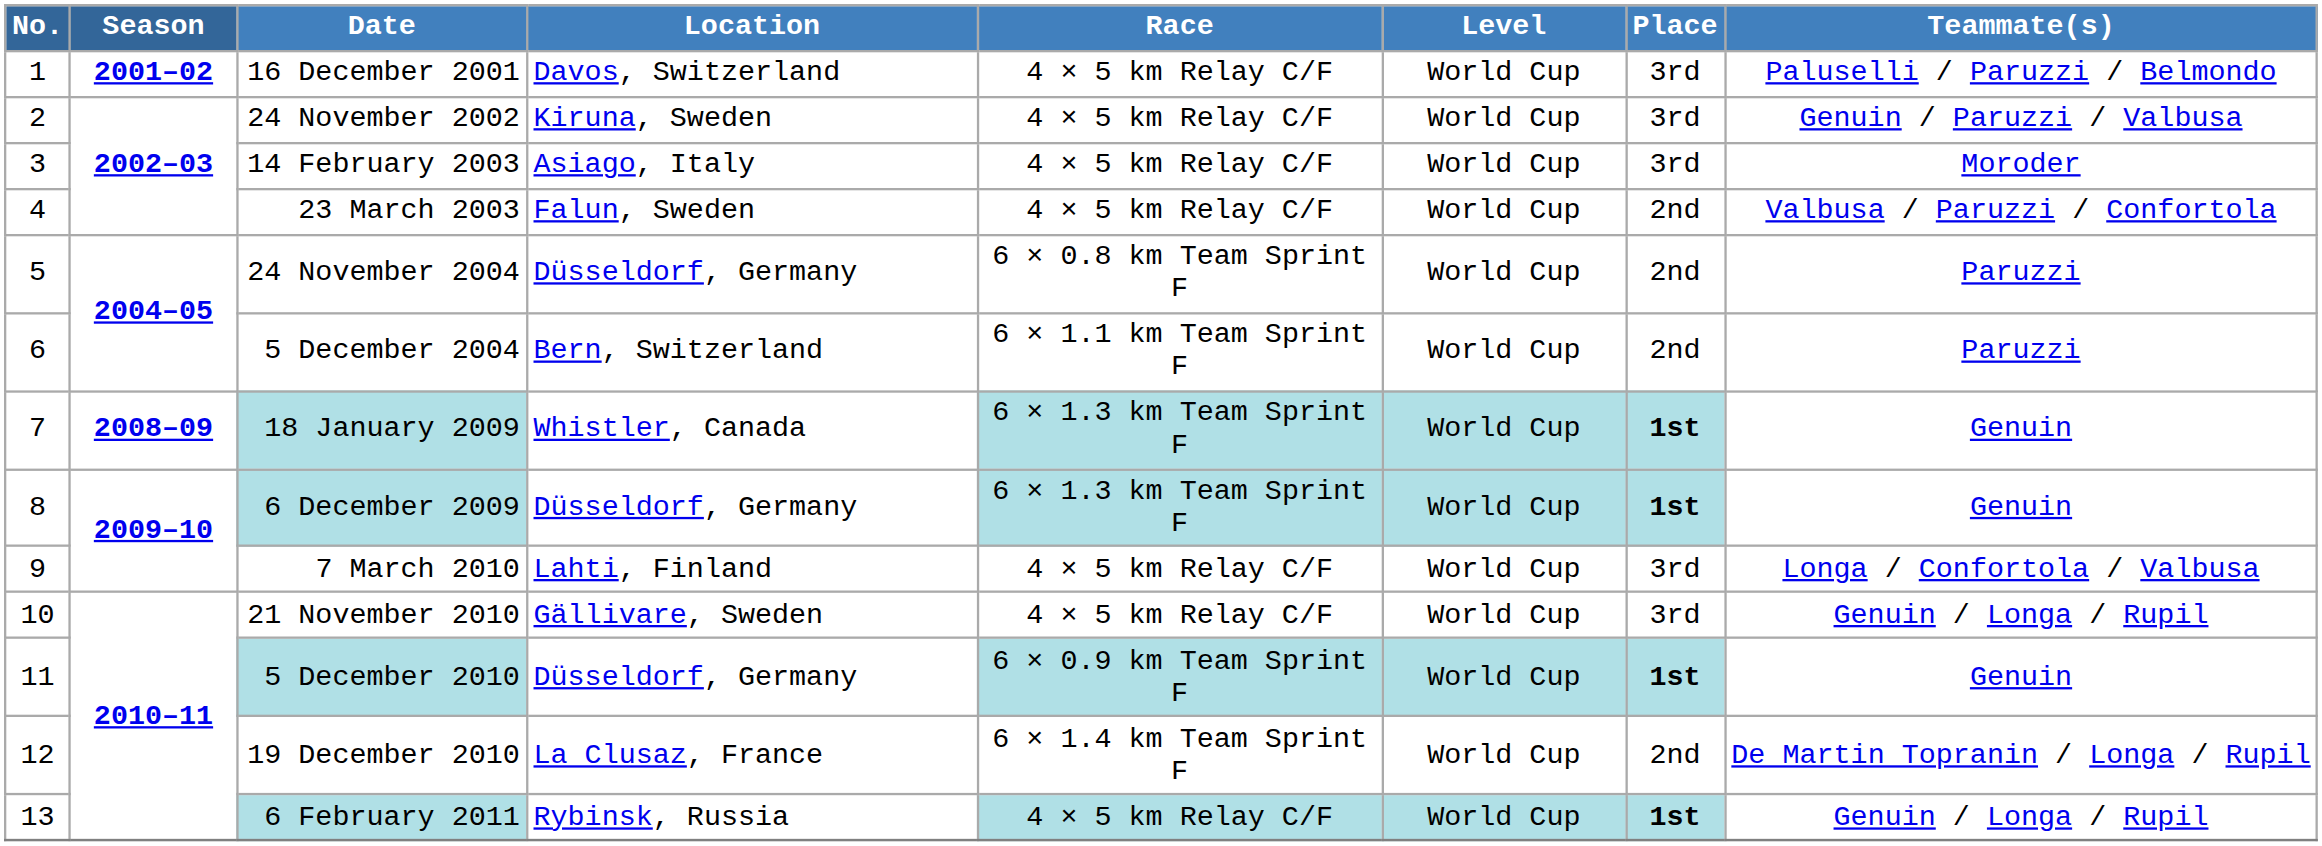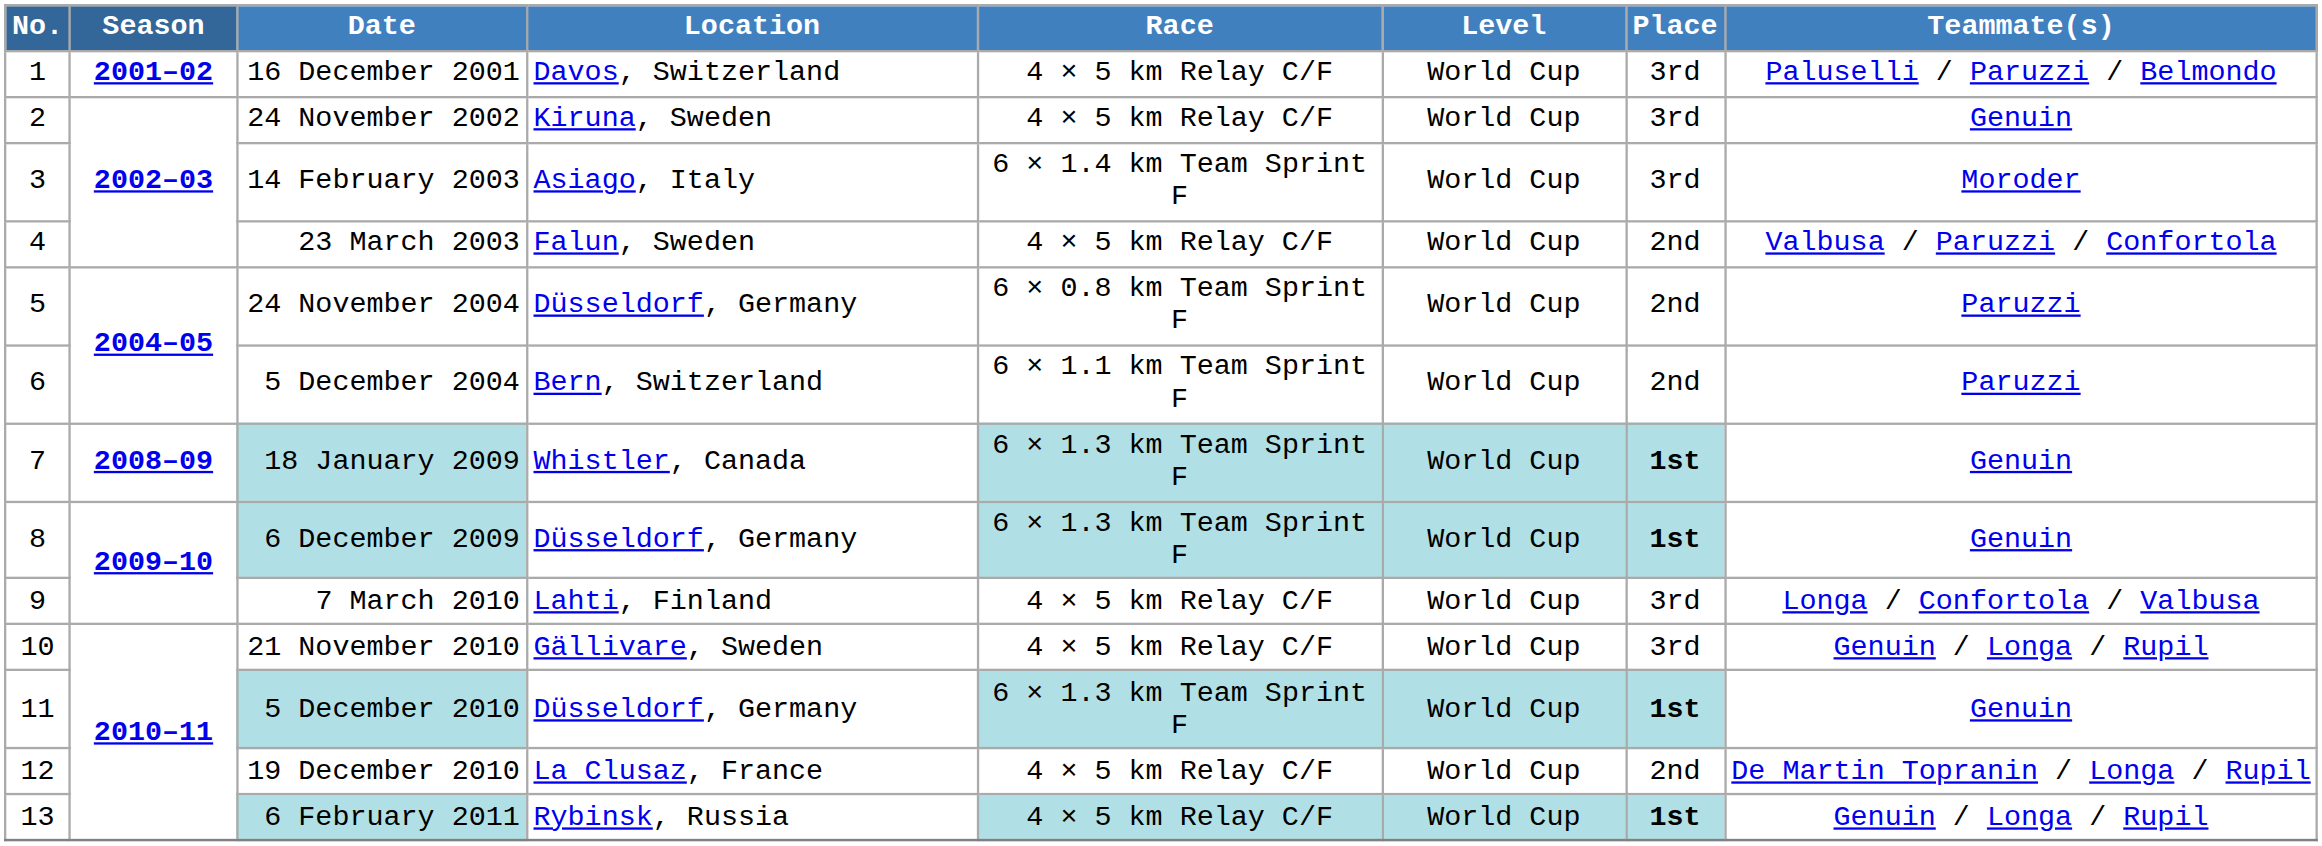 <table class="wikitable sortable" style="font-size:95%; text-align:center; border:grey solid 1px; border-collapse:collapse; background:#ffffff;">
 <tr style="background:#efefef;">
 <th style="background-color:#369; color:white;">No.</th>
 <th style="background-color:#369; color:white;">Season</th>
 <th style="background-color:#4180be; color:white; width:120px;">Date</th>
 <th style="background-color:#4180be; color:white; width:190px;">Location</th>
 <th style="background-color:#4180be; color:white; width:170px;">Race</th>
 <th style="background-color:#4180be; color:white; width:100px;">Level</th>
 <th style="background-color:#4180be; color:white;">Place</th>
 <th style="background-color:#4180be; color:white;">Teammate(s)</th>
 </tr>
 <tr>
 <td align=center>1</td>
 <td rowspan=1 align=center><strong> <a href='#'>2001–02</a> </strong></td>
 <td align=right>16 December 2001</td>
 <td align=left> <a href='#'>Davos</a>, Switzerland</td>
 <td>4 × 5 km Relay C/F</td>
 <td>World Cup</td>
 <td>3rd</td>
 <td><a href='#'>Paluselli</a> / <a href='#'>Paruzzi</a> / <a href='#'>Belmondo</a></td>
 </tr>
 <tr>
 <td align=center>2</td>
 <td rowspan=3 align=center><strong> <a href='#'>2002–03</a> </strong></td>
 <td align=right>24 November 2002</td>
 <td align=left> <a href='#'>Kiruna</a>, Sweden</td>
 <td>4 × 5 km Relay C/F</td>
 <td>World Cup</td>
 <td>3rd</td>
-<td><a href='#'>Genuin</a> / <a href='#'>Paruzzi</a> / <a href='#'>Valbusa</a></td>
+<td><a href='#'>Genuin</a></td>
 </tr>
 <tr>
 <td align=center>3</td>
 <td align=right>14 February 2003</td>
 <td align=left> <a href='#'>Asiago</a>, Italy</td>
-<td>4 × 5 km Relay C/F</td>
+<td>6 × 1.4 km Team Sprint F</td>
 <td>World Cup</td>
 <td>3rd</td>
 <td><a href='#'>Moroder</a></td>
 </tr>
 <tr>
 <td align=center>4</td>
 <td align=right>23 March 2003</td>
 <td align=left> <a href='#'>Falun</a>, Sweden</td>
 <td>4 × 5 km Relay C/F</td>
 <td>World Cup</td>
 <td>2nd</td>
 <td><a href='#'>Valbusa</a> / <a href='#'>Paruzzi</a> / <a href='#'>Confortola</a></td>
 </tr>
 <tr>
 <td align=center>5</td>
 <td rowspan=2 align=center><strong> <a href='#'>2004–05</a> </strong></td>
 <td align=right>24 November 2004</td>
 <td align=left> <a href='#'>Düsseldorf</a>, Germany</td>
 <td>6 × 0.8 km Team Sprint F</td>
 <td>World Cup</td>
 <td>2nd</td>
 <td><a href='#'>Paruzzi</a></td>
 </tr>
 <tr>
 <td align=center>6</td>
 <td align=right>5 December 2004</td>
 <td align=left> <a href='#'>Bern</a>, Switzerland</td>
 <td>6 × 1.1 km Team Sprint F</td>
 <td>World Cup</td>
 <td>2nd</td>
 <td><a href='#'>Paruzzi</a></td>
 </tr>
 <tr>
 <td align=center>7</td>
 <td rowspan=1 align=center><strong><a href='#'>2008–09</a></strong></td>
 <td bgcolor="#BOEOE6" align=right>18 January 2009</td>
 <td align=left> <a href='#'>Whistler</a>, Canada</td>
 <td bgcolor="#BOEOE6">6 × 1.3 km Team Sprint F</td>
 <td bgcolor="#BOEOE6">World Cup</td>
 <td bgcolor="#BOEOE6"><strong>1st</strong></td>
 <td><a href='#'>Genuin</a></td>
 </tr>
 <tr>
 <td align=center>8</td>
 <td rowspan=2 align=center><strong><a href='#'>2009–10</a></strong></td>
 <td bgcolor="#BOEOE6" align=right>6 December 2009</td>
 <td align=left> <a href='#'>Düsseldorf</a>, Germany</td>
 <td bgcolor="#BOEOE6">6 × 1.3 km Team Sprint F</td>
 <td bgcolor="#BOEOE6">World Cup</td>
 <td bgcolor="#BOEOE6"><strong>1st</strong></td>
 <td><a href='#'>Genuin</a></td>
 </tr>
 <tr>
 <td align=center>9</td>
 <td align=right>7 March 2010</td>
 <td align=left> <a href='#'>Lahti</a>, Finland</td>
 <td>4 × 5 km Relay C/F</td>
 <td>World Cup</td>
 <td>3rd</td>
 <td><a href='#'>Longa</a> / <a href='#'>Confortola</a> / <a href='#'>Valbusa</a></td>
 </tr>
 <tr>
 <td align=center>10</td>
 <td rowspan=4 align=center><strong> <a href='#'>2010–11</a> </strong></td>
 <td align=right>21 November 2010</td>
 <td align=left> <a href='#'>Gällivare</a>, Sweden</td>
 <td>4 × 5 km Relay C/F</td>
 <td>World Cup</td>
 <td>3rd</td>
 <td><a href='#'>Genuin</a> / <a href='#'>Longa</a> / <a href='#'>Rupil</a></td>
 </tr>
 <tr>
 <td align=center>11</td>
 <td bgcolor="#BOEOE6" align=right>5 December 2010</td>
 <td align=left> <a href='#'>Düsseldorf</a>, Germany</td>
-<td bgcolor="#BOEOE6">6 × 0.9 km Team Sprint F</td>
+<td bgcolor="#BOEOE6">6 × 1.3 km Team Sprint F</td>
 <td bgcolor="#BOEOE6">World Cup</td>
 <td bgcolor="#BOEOE6"><strong>1st</strong></td>
 <td><a href='#'>Genuin</a></td>
 </tr>
 <tr>
 <td align=center>12</td>
 <td align=right>19 December 2010</td>
 <td align=left> <a href='#'>La Clusaz</a>, France</td>
-<td>6 × 1.4 km Team Sprint F</td>
+<td>4 × 5 km Relay C/F</td>
 <td>World Cup</td>
 <td>2nd</td>
 <td><a href='#'>De Martin Topranin</a> / <a href='#'>Longa</a> / <a href='#'>Rupil</a></td>
 </tr>
 <tr>
 <td align=center>13</td>
 <td bgcolor="#BOEOE6" align=right>6 February 2011</td>
 <td align=left> <a href='#'>Rybinsk</a>, Russia</td>
 <td bgcolor="#BOEOE6">4 × 5 km Relay C/F</td>
 <td bgcolor="#BOEOE6">World Cup</td>
 <td bgcolor="#BOEOE6"><strong>1st</strong></td>
 <td><a href='#'>Genuin</a> / <a href='#'>Longa</a> / <a href='#'>Rupil</a></td>
 </tr>
 <tr>
 </tr>
 </table>
